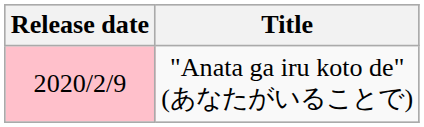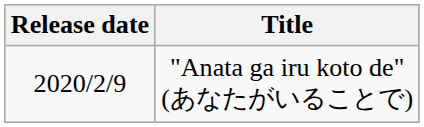 <table class="wikitable" style="text-align:center">
 <tr>
 <th>Release date</th>
 <th>Title</th>
 </tr>
 <tr>
-<td style="background: pink;">2020/2/9</td>
+<td>2020/2/9</td>
 <td>"Anata ga iru koto de"<br>(あなたがいることで)</td>
 </tr>
 </table>
